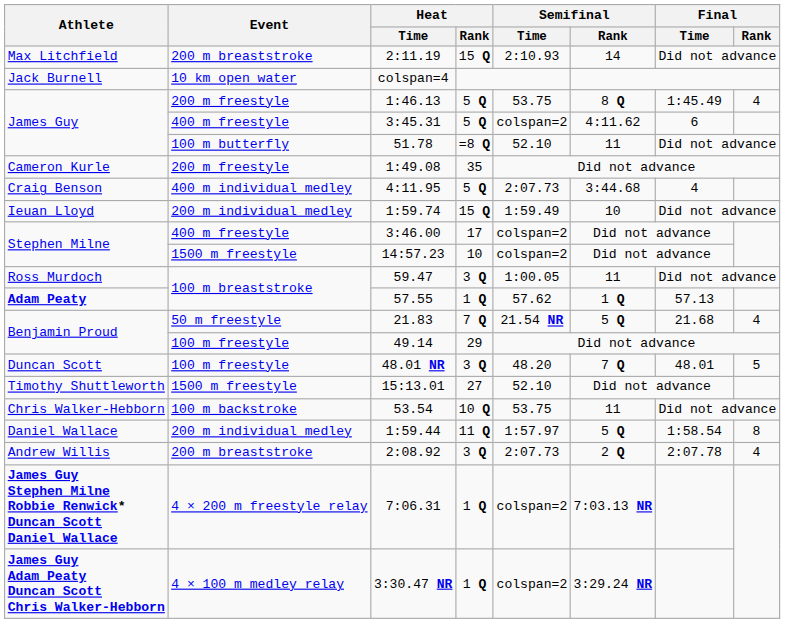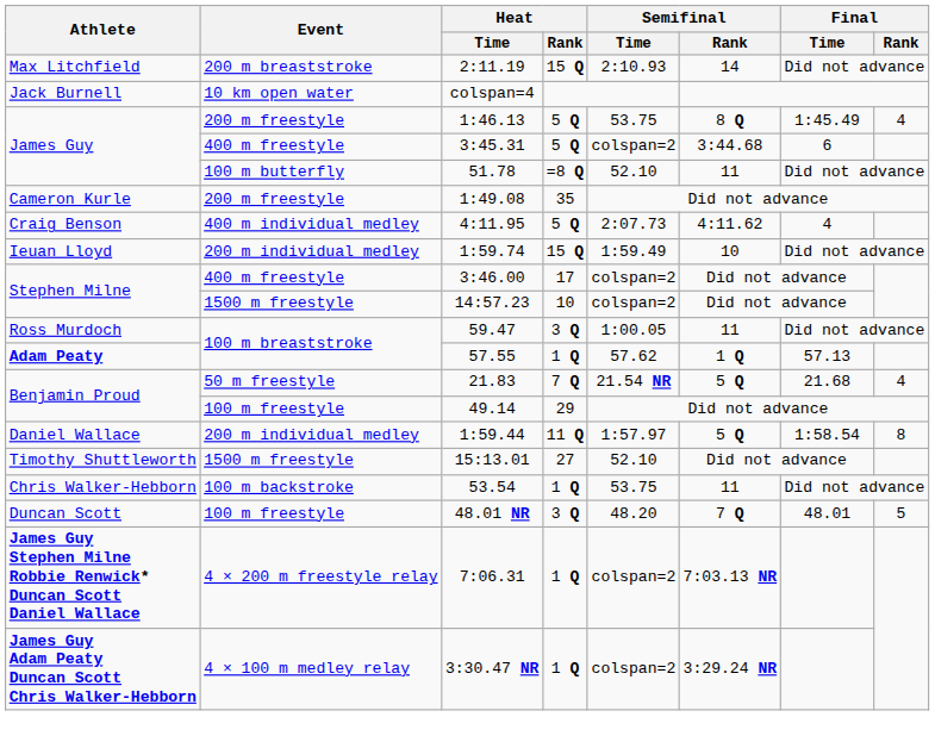 <table class=wikitable style="font-size:90%">
 <tr>
 <th rowspan="2">Athlete</th>
 <th rowspan="2">Event</th>
 <th colspan="2">Heat</th>
 <th colspan="2">Semifinal</th>
 <th colspan="2">Final</th>
 </tr>
 <tr style="font-size:95%">
 <th>Time</th>
 <th>Rank</th>
 <th>Time</th>
 <th>Rank</th>
 <th>Time</th>
 <th>Rank</th>
 </tr>
 <tr align=center>
 <td align=left><a href='#'>Max Litchfield</a></td>
 <td align=left><a href='#'>200 m breaststroke</a></td>
 <td>2:11.19</td>
 <td>15 <strong>Q</strong></td>
 <td>2:10.93</td>
 <td>14</td>
 <td colspan=2>Did not advance</td>
 </tr>
 <tr align=center>
 <td align=left><a href='#'>Jack Burnell</a></td>
 <td align=left><a href='#'>10 km open water</a></td>
 <td>colspan=4 </td>
 <td colspan=2></td>
 </tr>
 <tr align=center>
 <td align=left rowspan=3><a href='#'>James Guy</a></td>
 <td align=left><a href='#'>200 m freestyle</a></td>
 <td>1:46.13</td>
 <td>5 <strong>Q</strong></td>
 <td>53.75</td>
 <td>8 <strong>Q</strong></td>
 <td>1:45.49</td>
 <td>4</td>
 </tr>
 <tr align=center>
 <td align=left><a href='#'>400 m freestyle</a></td>
 <td>3:45.31</td>
 <td>5 <strong>Q</strong></td>
 <td>colspan=2 </td>
-<td>4:11.62</td>
+<td>3:44.68</td>
 <td>6</td>
 </tr>
 <tr align=center>
 <td align=left><a href='#'>100 m butterfly</a></td>
 <td>51.78</td>
 <td>=8 <strong>Q</strong></td>
 <td>52.10</td>
 <td>11</td>
 <td colspan=2>Did not advance</td>
 </tr>
 <tr align=center>
 <td align=left><a href='#'>Cameron Kurle</a></td>
 <td align=left><a href='#'>200 m freestyle</a></td>
 <td>1:49.08</td>
 <td>35</td>
 <td colspan=4>Did not advance</td>
 </tr>
 <tr align=center>
 <td align=left><a href='#'>Craig Benson</a></td>
 <td align=left><a href='#'>400 m individual medley</a></td>
 <td>4:11.95</td>
 <td>5 <strong>Q</strong></td>
 <td>2:07.73</td>
-<td>3:44.68</td>
+<td>4:11.62</td>
 <td>4</td>
 </tr>
 <tr align=center>
 <td align=left><a href='#'>Ieuan Lloyd</a></td>
 <td align=left><a href='#'>200 m individual medley</a></td>
 <td>1:59.74</td>
 <td>15 <strong>Q</strong></td>
 <td>1:59.49</td>
 <td>10</td>
 <td colspan=2>Did not advance</td>
 </tr>
 <tr align=center>
 <td align=left rowspan=2><a href='#'>Stephen Milne</a></td>
 <td align=left><a href='#'>400 m freestyle</a></td>
 <td>3:46.00</td>
 <td>17</td>
 <td>colspan=2 </td>
 <td colspan=2>Did not advance</td>
 </tr>
 <tr align=center>
 <td align=left><a href='#'>1500 m freestyle</a></td>
 <td>14:57.23</td>
 <td>10</td>
 <td>colspan=2 </td>
 <td colspan=2>Did not advance</td>
 </tr>
 <tr align=center>
 <td align=left><a href='#'>Ross Murdoch</a></td>
 <td align=left rowspan=2><a href='#'>100 m breaststroke</a></td>
 <td>59.47</td>
 <td>3 <strong>Q</strong></td>
 <td>1:00.05</td>
 <td>11</td>
 <td colspan=2>Did not advance</td>
 </tr>
 <tr align=center>
 <td align=left><strong><a href='#'>Adam Peaty</a></strong></td>
 <td>57.55 </td>
 <td>1 <strong>Q</strong></td>
 <td>57.62</td>
 <td>1 <strong>Q</strong></td>
 <td>57.13 </td>
 <td></td>
 </tr>
 <tr align=center>
 <td align=left rowspan="2"><a href='#'>Benjamin Proud</a></td>
 <td align=left><a href='#'>50 m freestyle</a></td>
 <td>21.83</td>
 <td>7 <strong>Q</strong></td>
 <td>21.54 <strong><a href='#'>NR</a></strong></td>
 <td>5 <strong>Q</strong></td>
 <td>21.68</td>
 <td>4</td>
 </tr>
 <tr align=center>
 <td align=left><a href='#'>100 m freestyle</a></td>
 <td>49.14</td>
 <td>29</td>
 <td colspan=4>Did not advance</td>
 </tr>
 <tr align=center>
-<td align=left><a href='#'>Duncan Scott</a></td>
-<td align=left><a href='#'>100 m freestyle</a></td>
-<td>48.01 <strong><a href='#'>NR</a></strong></td>
-<td>3 <strong>Q</strong></td>
-<td>48.20</td>
-<td>7 <strong>Q</strong></td>
-<td>48.01</td>
-<td>5</td>
+<td align=left><a href='#'>Daniel Wallace</a></td>
+<td align=left><a href='#'>200 m individual medley</a></td>
+<td>1:59.44</td>
+<td>11 <strong>Q</strong></td>
+<td>1:57.97</td>
+<td>5 <strong>Q</strong></td>
+<td>1:58.54</td>
+<td>8</td>
 </tr>
 <tr align=center>
 <td align=left><a href='#'>Timothy Shuttleworth</a></td>
 <td align=left><a href='#'>1500 m freestyle</a></td>
 <td>15:13.01</td>
 <td>27</td>
 <td>52.10</td>
 <td colspan=2>Did not advance</td>
 </tr>
 <tr align=center>
 <td align=left><a href='#'>Chris Walker-Hebborn</a></td>
 <td align=left><a href='#'>100 m backstroke</a></td>
 <td>53.54</td>
-<td>10 <strong>Q</strong></td>
+<td>1 <strong>Q</strong></td>
 <td>53.75</td>
 <td>11</td>
 <td colspan=2>Did not advance</td>
 </tr>
 <tr align=center>
-<td align=left><a href='#'>Daniel Wallace</a></td>
-<td align=left><a href='#'>200 m individual medley</a></td>
-<td>1:59.44</td>
-<td>11 <strong>Q</strong></td>
-<td>1:57.97</td>
-<td>5 <strong>Q</strong></td>
-<td>1:58.54</td>
-<td>8</td>
-</tr>
-<tr align=center>
-<td align=left><a href='#'>Andrew Willis</a></td>
-<td align=left><a href='#'>200 m breaststroke</a></td>
-<td>2:08.92</td>
+<td align=left><a href='#'>Duncan Scott</a></td>
+<td align=left><a href='#'>100 m freestyle</a></td>
+<td>48.01 <strong><a href='#'>NR</a></strong></td>
 <td>3 <strong>Q</strong></td>
-<td>2:07.73</td>
-<td>2 <strong>Q</strong></td>
-<td>2:07.78</td>
-<td>4</td>
+<td>48.20</td>
+<td>7 <strong>Q</strong></td>
+<td>48.01</td>
+<td>5</td>
 </tr>
 <tr align=center>
 <td align=left><strong><a href='#'>James Guy</a></strong><br><strong><a href='#'>Stephen Milne</a></strong><br><strong><a href='#'>Robbie Renwick</a>*</strong><br><strong><a href='#'>Duncan Scott</a></strong><br><strong><a href='#'>Daniel Wallace</a></strong></td>
 <td align=left><a href='#'>4 × 200 m freestyle relay</a></td>
 <td>7:06.31</td>
 <td>1 <strong>Q</strong></td>
 <td>colspan=2 </td>
 <td>7:03.13  <strong><a href='#'>NR</a></strong></td>
 <td></td>
 </tr>
 <tr align=center>
 <td align=left><strong><a href='#'>James Guy</a></strong><br><strong><a href='#'>Adam Peaty</a></strong><br><strong><a href='#'>Duncan Scott</a></strong><br><strong><a href='#'>Chris Walker-Hebborn</a></strong></td>
 <td align=left><a href='#'>4 × 100 m medley relay</a></td>
 <td>3:30.47  <strong><a href='#'>NR</a></strong></td>
 <td>1 <strong>Q</strong></td>
 <td>colspan=2 </td>
 <td>3:29.24 <strong><a href='#'>NR</a></strong></td>
 <td></td>
 </tr>
 </table>
